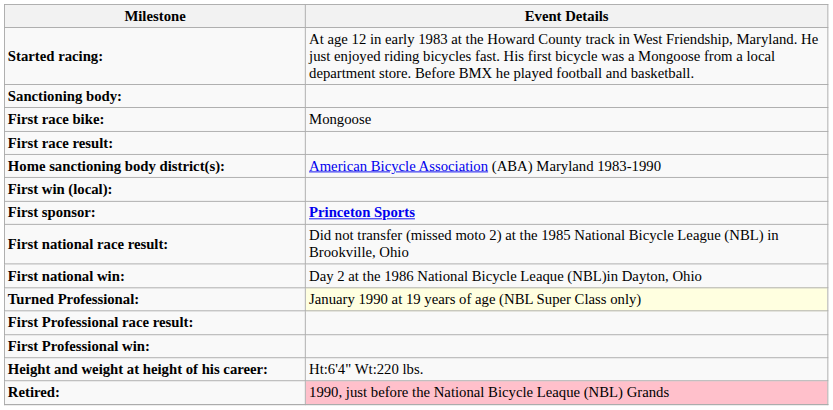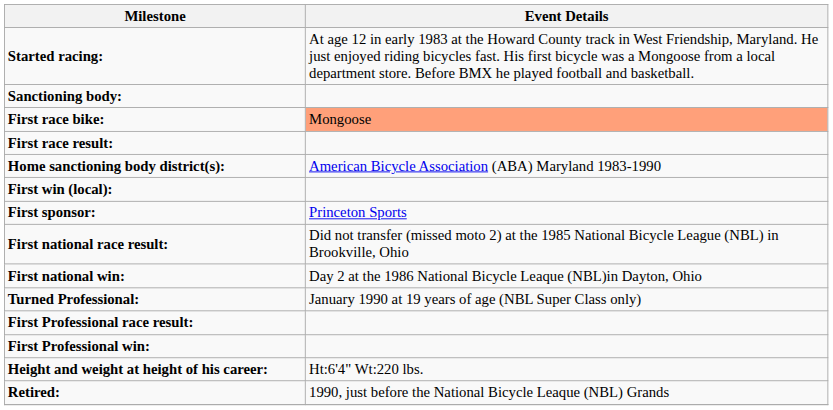 <table class="sortable wikitable">
 <tr>
 <th style="width:20em">Milestone</th>
 <th style="width:35em">Event Details</th>
 </tr>
 <tr>
 <td><strong>Started racing:</strong></td>
 <td>At age 12 in early 1983 at the Howard County track in West Friendship, Maryland.  He just enjoyed riding bicycles fast.  His first bicycle was a Mongoose from a local department store.  Before BMX he played football and basketball.</td>
 </tr>
 <tr>
 <td><strong>Sanctioning body:</strong></td>
 <td></td>
 </tr>
 <tr>
 <td><strong>First race bike:</strong></td>
-<td>Mongoose</td>
+<td style="background: lightsalmon;">Mongoose</td>
 </tr>
 <tr>
 <td><strong>First race result:</strong></td>
 <td></td>
 </tr>
 <tr>
 <td><strong>Home sanctioning body district(s):</strong></td>
 <td><a href='#'>American Bicycle Association</a> (ABA) Maryland 1983-1990</td>
 </tr>
 <tr>
 <td><strong>First win (local):</strong></td>
 <td></td>
 </tr>
 <tr>
 <td><strong>First sponsor:</strong></td>
-<td><strong><a href='#'>Princeton Sports</a></strong></td>
+<td><a href='#'>Princeton Sports</a></td>
 </tr>
 <tr>
 <td><strong>First national race result:</strong></td>
 <td>Did not transfer (missed moto 2) at the 1985 National Bicycle League (NBL) in Brookville, Ohio</td>
 </tr>
 <tr>
 <td><strong>First national win:</strong></td>
 <td>Day 2 at the 1986 National Bicycle Leaque (NBL)in Dayton, Ohio</td>
 </tr>
 <tr>
 <td><strong>Turned Professional:</strong></td>
-<td style="background: lightyellow;">January 1990 at 19 years of age (NBL Super Class only)</td>
+<td>January 1990 at 19 years of age (NBL Super Class only)</td>
 </tr>
 <tr>
 <td><strong>First Professional race result:</strong></td>
 <td></td>
 </tr>
 <tr>
 <td><strong>First Professional win:</strong></td>
 <td></td>
 </tr>
 <tr>
 <td><strong>Height and weight at height of his career:</strong></td>
 <td>Ht:6'4"  Wt:220 lbs.</td>
 </tr>
 <tr>
 <td><strong>Retired:</strong></td>
-<td style="background: pink;">1990, just before the National Bicycle Leaque (NBL) Grands</td>
+<td>1990, just before the National Bicycle Leaque (NBL) Grands</td>
 </tr>
 <tr>
 </tr>
 </table>
